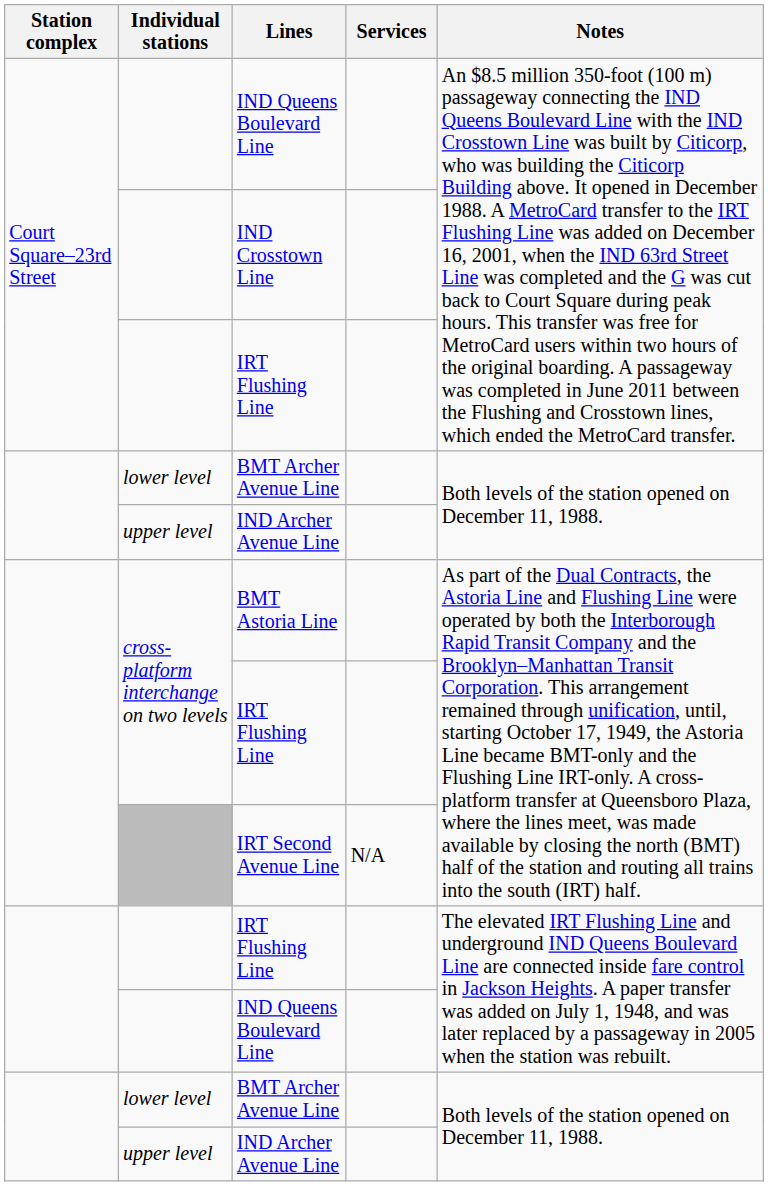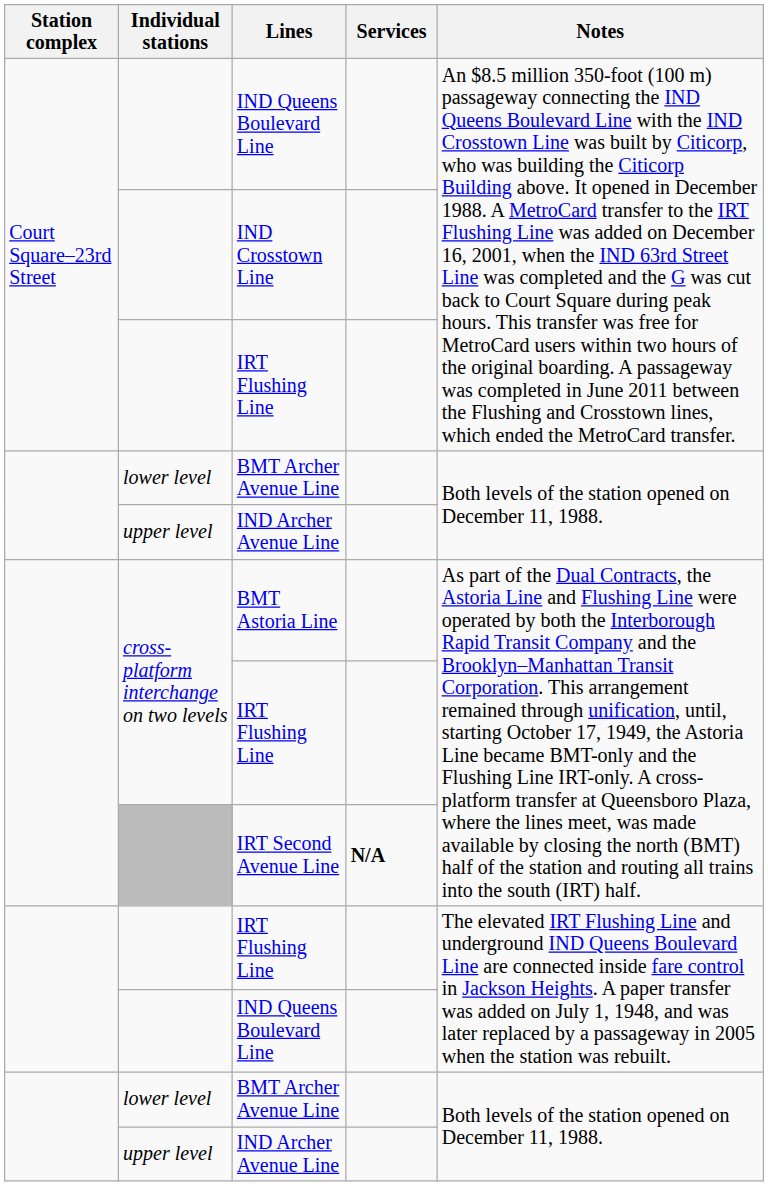 <table class="wikitable">
 <tr>
 <th width=15%>Station complex</th>
 <th width=15%>Individual stations</th>
 <th width=15%>Lines</th>
 <th width=12%>Services</th>
 <th width=43%>Notes</th>
 </tr>
 <tr>
 <td rowspan=3><a href='#'>Court Square–23rd Street</a></td>
 <td></td>
 <td><a href='#'>IND Queens Boulevard Line</a></td>
 <td></td>
 <td rowspan=3>An $8.5 million 350-foot (100 m) passageway connecting the <a href='#'>IND Queens Boulevard Line</a> with the <a href='#'>IND Crosstown Line</a> was built by <a href='#'>Citicorp</a>, who was building the <a href='#'>Citicorp Building</a> above. It opened in December 1988. A <a href='#'>MetroCard</a> transfer to the <a href='#'>IRT Flushing Line</a> was added on December 16, 2001, when the <a href='#'>IND 63rd Street Line</a> was completed and the <a href='#'>G</a> was cut back to Court Square during peak hours. This transfer was free for MetroCard users within two hours of the original boarding. A passageway was completed in June 2011 between the Flushing and Crosstown lines, which ended the MetroCard transfer.</td>
 </tr>
 <tr>
 <td></td>
 <td><a href='#'>IND Crosstown Line</a></td>
 <td></td>
 </tr>
 <tr>
 <td></td>
 <td><a href='#'>IRT Flushing Line</a></td>
 <td></td>
 </tr>
 <tr>
 <td rowspan=2></td>
 <td><em>lower level</em></td>
 <td><a href='#'>BMT Archer Avenue Line</a></td>
 <td></td>
 <td rowspan=2>Both levels of the station opened on December 11, 1988.</td>
 </tr>
 <tr>
 <td><em>upper level</em></td>
 <td><a href='#'>IND Archer Avenue Line</a></td>
 <td></td>
 </tr>
 <tr>
 <td rowspan=3></td>
 <td rowspan=2><em><a href='#'>cross-platform interchange</a> on two levels</em></td>
 <td><a href='#'>BMT Astoria Line</a></td>
 <td></td>
 <td rowspan=3>As part of the <a href='#'>Dual Contracts</a>, the <a href='#'>Astoria Line</a> and <a href='#'>Flushing Line</a> were operated by both the <a href='#'>Interborough Rapid Transit Company</a> and the <a href='#'>Brooklyn–Manhattan Transit Corporation</a>. This arrangement remained through <a href='#'>unification</a>, until, starting October 17, 1949, the Astoria Line became BMT-only and the Flushing Line IRT-only. A cross-platform transfer at Queensboro Plaza, where the lines meet, was made available by closing the north (BMT) half of the station and routing all trains into the south (IRT) half.</td>
 </tr>
 <tr>
 <td><a href='#'>IRT Flushing Line</a></td>
 <td></td>
 </tr>
 <tr>
 <td bgcolor="#BBBBBB"></td>
 <td><a href='#'>IRT Second Avenue Line</a></td>
-<td>N/A</td>
+<td><strong>N/A</strong></td>
 </tr>
 <tr>
 <td rowspan=2></td>
 <td></td>
 <td><a href='#'>IRT Flushing Line</a></td>
 <td></td>
 <td rowspan=2>The elevated <a href='#'>IRT Flushing Line</a> and underground <a href='#'>IND Queens Boulevard Line</a> are connected inside <a href='#'>fare control</a> in <a href='#'>Jackson Heights</a>. A paper transfer was added on July 1, 1948, and was later replaced by a passageway in 2005 when the station was rebuilt.</td>
 </tr>
 <tr>
 <td></td>
 <td><a href='#'>IND Queens Boulevard Line</a></td>
 <td></td>
 </tr>
 <tr>
 <td rowspan=2></td>
 <td><em>lower level</em></td>
 <td><a href='#'>BMT Archer Avenue Line</a></td>
 <td></td>
 <td rowspan=2>Both levels of the station opened on December 11, 1988.</td>
 </tr>
 <tr>
 <td><em>upper level</em></td>
 <td><a href='#'>IND Archer Avenue Line</a></td>
 <td></td>
 </tr>
 </table>
